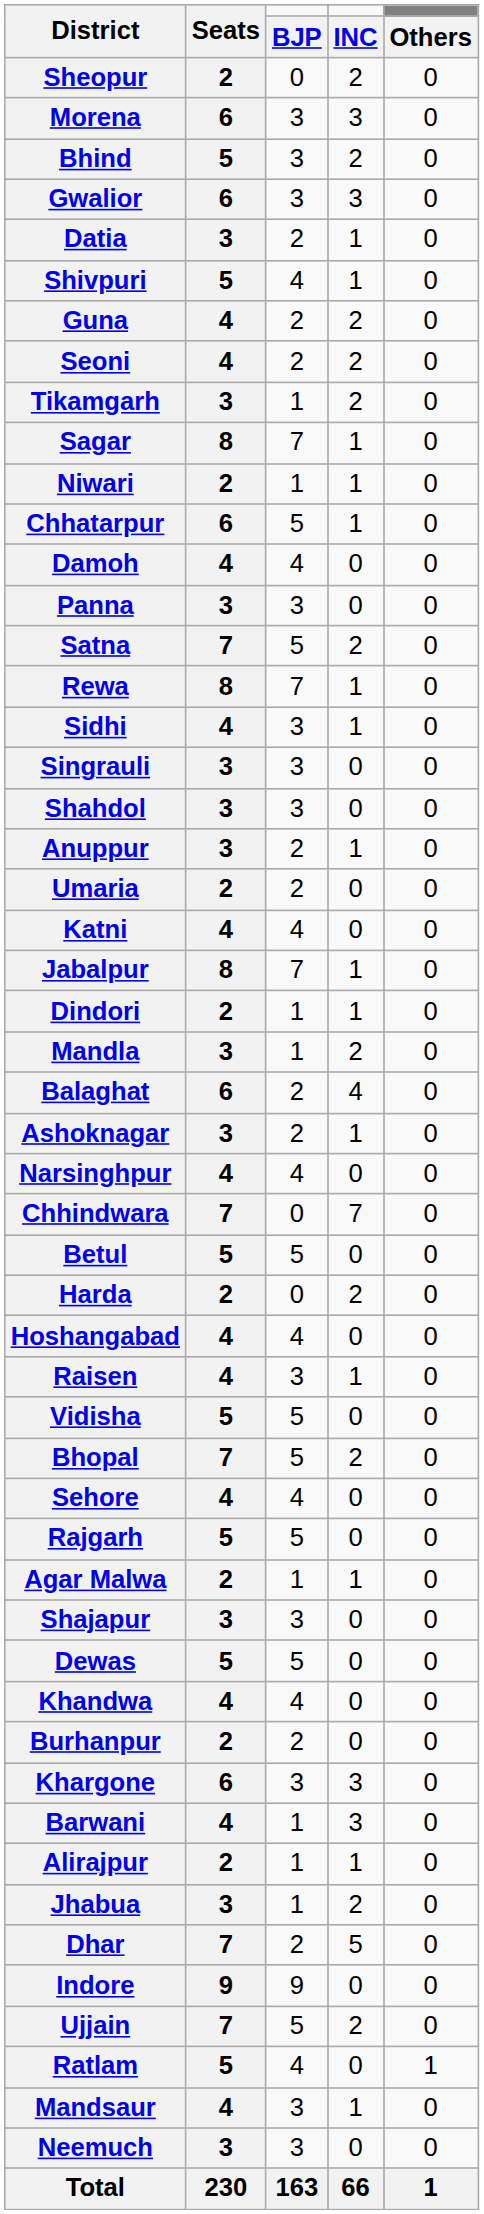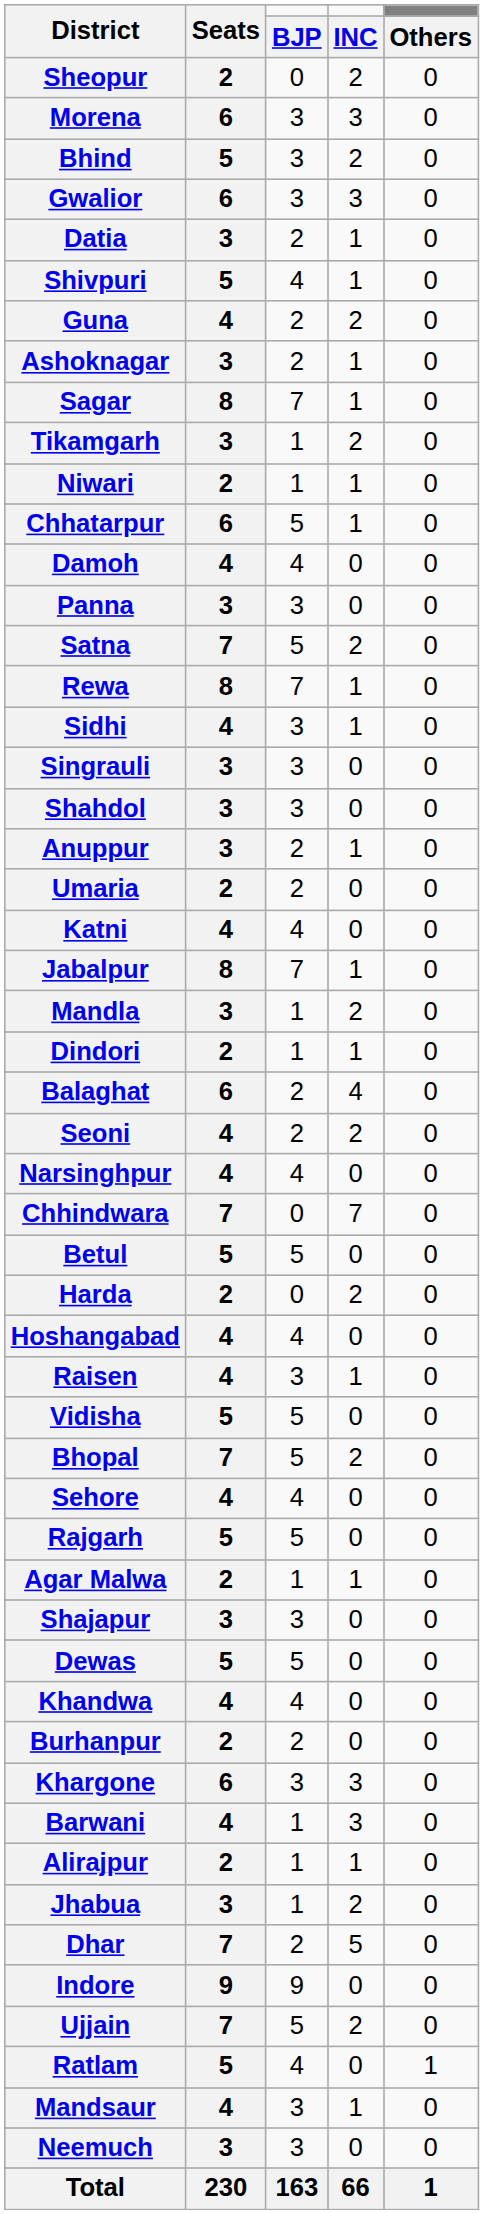 <table class="wikitable" style="text-align:center;">
 <tr>
 <th rowspan="2">District</th>
 <th rowspan="2">Seats</th>
 <td></td>
 <td></td>
 <td bgcolor="grey"></td>
 </tr>
 <tr>
 <th><a href='#'>BJP</a></th>
 <th><a href='#'>INC</a></th>
 <th>Others</th>
 </tr>
 <tr>
 <th><a href='#'>Sheopur</a></th>
 <th>2</th>
 <td>0</td>
 <td style="background:">2</td>
 <td>0</td>
 </tr>
 <tr>
 <th><a href='#'>Morena</a></th>
 <th>6</th>
 <td>3</td>
 <td>3</td>
 <td>0</td>
 </tr>
 <tr>
 <th><a href='#'>Bhind</a></th>
 <th>5</th>
 <td style="background:">3</td>
 <td>2</td>
 <td>0</td>
 </tr>
 <tr>
 <th><a href='#'>Gwalior</a></th>
 <th>6</th>
 <td>3</td>
 <td>3</td>
 <td>0</td>
 </tr>
 <tr>
 <th><a href='#'>Datia</a></th>
 <th>3</th>
 <td style="background:">2</td>
 <td>1</td>
 <td>0</td>
 </tr>
 <tr>
 <th><a href='#'>Shivpuri</a></th>
 <th>5</th>
 <td style="background:">4</td>
 <td>1</td>
 <td>0</td>
 </tr>
 <tr>
 <th><a href='#'>Guna</a></th>
 <th>4</th>
 <td>2</td>
 <td>2</td>
 <td>0</td>
 </tr>
 <tr>
-<th><a href='#'>Seoni</a></th>
-<th>4</th>
-<td>2</td>
-<td>2</td>
+<th><a href='#'>Ashoknagar</a></th>
+<th>3</th>
+<td style="background:">2</td>
+<td>1</td>
+<td>0</td>
+</tr>
+<tr>
+<th><a href='#'>Sagar</a></th>
+<th>8</th>
+<td style="background:">7</td>
+<td>1</td>
 <td>0</td>
 </tr>
 <tr>
 <th><a href='#'>Tikamgarh</a></th>
 <th>3</th>
 <td>1</td>
 <td style="background:">2</td>
-<td>0</td>
-</tr>
-<tr>
-<th><a href='#'>Sagar</a></th>
-<th>8</th>
-<td style="background:">7</td>
-<td>1</td>
 <td>0</td>
 </tr>
 <tr>
 <th><a href='#'>Niwari</a></th>
 <th>2</th>
 <td>1</td>
 <td>1</td>
 <td>0</td>
 </tr>
 <tr>
 <th><a href='#'>Chhatarpur</a></th>
 <th>6</th>
 <td style="background:">5</td>
 <td>1</td>
 <td>0</td>
 </tr>
 <tr>
 <th><a href='#'>Damoh</a></th>
 <th>4</th>
 <td style="background:">4</td>
 <td>0</td>
 <td>0</td>
 </tr>
 <tr>
 <th><a href='#'>Panna</a></th>
 <th>3</th>
 <td style="background:">3</td>
 <td>0</td>
 <td>0</td>
 </tr>
 <tr>
 <th><a href='#'>Satna</a></th>
 <th>7</th>
 <td style="background:">5</td>
 <td>2</td>
 <td>0</td>
 </tr>
 <tr>
 <th><a href='#'>Rewa</a></th>
 <th>8</th>
 <td style="background:">7</td>
 <td>1</td>
 <td>0</td>
 </tr>
 <tr>
 <th><a href='#'>Sidhi</a></th>
 <th>4</th>
 <td style="background:">3</td>
 <td>1</td>
 <td>0</td>
 </tr>
 <tr>
 <th><a href='#'>Singrauli</a></th>
 <th>3</th>
 <td style="background:">3</td>
 <td>0</td>
 <td>0</td>
 </tr>
 <tr>
 <th><a href='#'>Shahdol</a></th>
 <th>3</th>
 <td style="background:">3</td>
 <td>0</td>
 <td>0</td>
 </tr>
 <tr>
 <th><a href='#'>Anuppur</a></th>
 <th>3</th>
 <td style="background:">2</td>
 <td>1</td>
 <td>0</td>
 </tr>
 <tr>
 <th><a href='#'>Umaria</a></th>
 <th>2</th>
 <td style="background:">2</td>
 <td>0</td>
 <td>0</td>
 </tr>
 <tr>
 <th><a href='#'>Katni</a></th>
 <th>4</th>
 <td style="background:">4</td>
 <td>0</td>
 <td>0</td>
 </tr>
 <tr>
 <th><a href='#'>Jabalpur</a></th>
 <th>8</th>
 <td style="background:">7</td>
 <td>1</td>
 <td>0</td>
 </tr>
 <tr>
+<th><a href='#'>Mandla</a></th>
+<th>3</th>
+<td>1</td>
+<td style="background:">2</td>
+<td>0</td>
+</tr>
+<tr>
 <th><a href='#'>Dindori</a></th>
 <th>2</th>
 <td>1</td>
 <td>1</td>
-<td>0</td>
-</tr>
-<tr>
-<th><a href='#'>Mandla</a></th>
-<th>3</th>
-<td>1</td>
-<td style="background:">2</td>
 <td>0</td>
 </tr>
 <tr>
 <th><a href='#'>Balaghat</a></th>
 <th>6</th>
 <td>2</td>
 <td style="background:">4</td>
 <td>0</td>
 </tr>
 <tr>
-<th><a href='#'>Ashoknagar</a></th>
-<th>3</th>
-<td style="background:">2</td>
-<td>1</td>
+<th><a href='#'>Seoni</a></th>
+<th>4</th>
+<td>2</td>
+<td>2</td>
 <td>0</td>
 </tr>
 <tr>
 <th><a href='#'>Narsinghpur</a></th>
 <th>4</th>
 <td style="background:">4</td>
 <td>0</td>
 <td>0</td>
 </tr>
 <tr>
 <th><a href='#'>Chhindwara</a></th>
 <th>7</th>
 <td>0</td>
 <td style="background:">7</td>
 <td>0</td>
 </tr>
 <tr>
 <th><a href='#'>Betul</a></th>
 <th>5</th>
 <td style="background:">5</td>
 <td>0</td>
 <td>0</td>
 </tr>
 <tr>
 <th><a href='#'>Harda</a></th>
 <th>2</th>
 <td>0</td>
 <td style="background:">2</td>
 <td>0</td>
 </tr>
 <tr>
 <th><a href='#'>Hoshangabad</a></th>
 <th>4</th>
 <td style="background:">4</td>
 <td>0</td>
 <td>0</td>
 </tr>
 <tr>
 <th><a href='#'>Raisen</a></th>
 <th>4</th>
 <td style="background:">3</td>
 <td>1</td>
 <td>0</td>
 </tr>
 <tr>
 <th><a href='#'>Vidisha</a></th>
 <th>5</th>
 <td style="background:">5</td>
 <td>0</td>
 <td>0</td>
 </tr>
 <tr>
 <th><a href='#'>Bhopal</a></th>
 <th>7</th>
 <td style="background:">5</td>
 <td>2</td>
 <td>0</td>
 </tr>
 <tr>
 <th><a href='#'>Sehore</a></th>
 <th>4</th>
 <td style="background:">4</td>
 <td>0</td>
 <td>0</td>
 </tr>
 <tr>
 <th><a href='#'>Rajgarh</a></th>
 <th>5</th>
 <td style="background:">5</td>
 <td>0</td>
 <td>0</td>
 </tr>
 <tr>
 <th><a href='#'>Agar Malwa</a></th>
 <th>2</th>
 <td>1</td>
 <td>1</td>
 <td>0</td>
 </tr>
 <tr>
 <th><a href='#'>Shajapur</a></th>
 <th>3</th>
 <td style="background:">3</td>
 <td>0</td>
 <td>0</td>
 </tr>
 <tr>
 <th><a href='#'>Dewas</a></th>
 <th>5</th>
 <td style="background:">5</td>
 <td>0</td>
 <td>0</td>
 </tr>
 <tr>
 <th><a href='#'>Khandwa</a></th>
 <th>4</th>
 <td style="background:">4</td>
 <td>0</td>
 <td>0</td>
 </tr>
 <tr>
 <th><a href='#'>Burhanpur</a></th>
 <th>2</th>
 <td style="background:">2</td>
 <td>0</td>
 <td>0</td>
 </tr>
 <tr>
 <th><a href='#'>Khargone</a></th>
 <th>6</th>
 <td>3</td>
 <td>3</td>
 <td>0</td>
 </tr>
 <tr>
 <th><a href='#'>Barwani</a></th>
 <th>4</th>
 <td>1</td>
 <td style="background:">3</td>
 <td>0</td>
 </tr>
 <tr>
 <th><a href='#'>Alirajpur</a></th>
 <th>2</th>
 <td>1</td>
 <td>1</td>
 <td>0</td>
 </tr>
 <tr>
 <th><a href='#'>Jhabua</a></th>
 <th>3</th>
 <td>1</td>
 <td style="background:">2</td>
 <td>0</td>
 </tr>
 <tr>
 <th><a href='#'>Dhar</a></th>
 <th>7</th>
 <td>2</td>
 <td style="background:">5</td>
 <td>0</td>
 </tr>
 <tr>
 <th><a href='#'>Indore</a></th>
 <th>9</th>
 <td style="background:">9</td>
 <td>0</td>
 <td>0</td>
 </tr>
 <tr>
 <th><a href='#'>Ujjain</a></th>
 <th>7</th>
 <td style="background:">5</td>
 <td>2</td>
 <td>0</td>
 </tr>
 <tr>
 <th><a href='#'>Ratlam</a></th>
 <th>5</th>
 <td style="background:">4</td>
 <td>0</td>
 <td>1</td>
 </tr>
 <tr>
 <th><a href='#'>Mandsaur</a></th>
 <th>4</th>
 <td style="background:">3</td>
 <td>1</td>
 <td>0</td>
 </tr>
 <tr>
 <th><a href='#'>Neemuch</a></th>
 <th>3</th>
 <td style="background:">3</td>
 <td>0</td>
 <td>0</td>
 </tr>
 <tr>
 <th>Total</th>
 <th>230</th>
 <th>163</th>
 <th>66</th>
 <th>1</th>
 </tr>
 </table>
